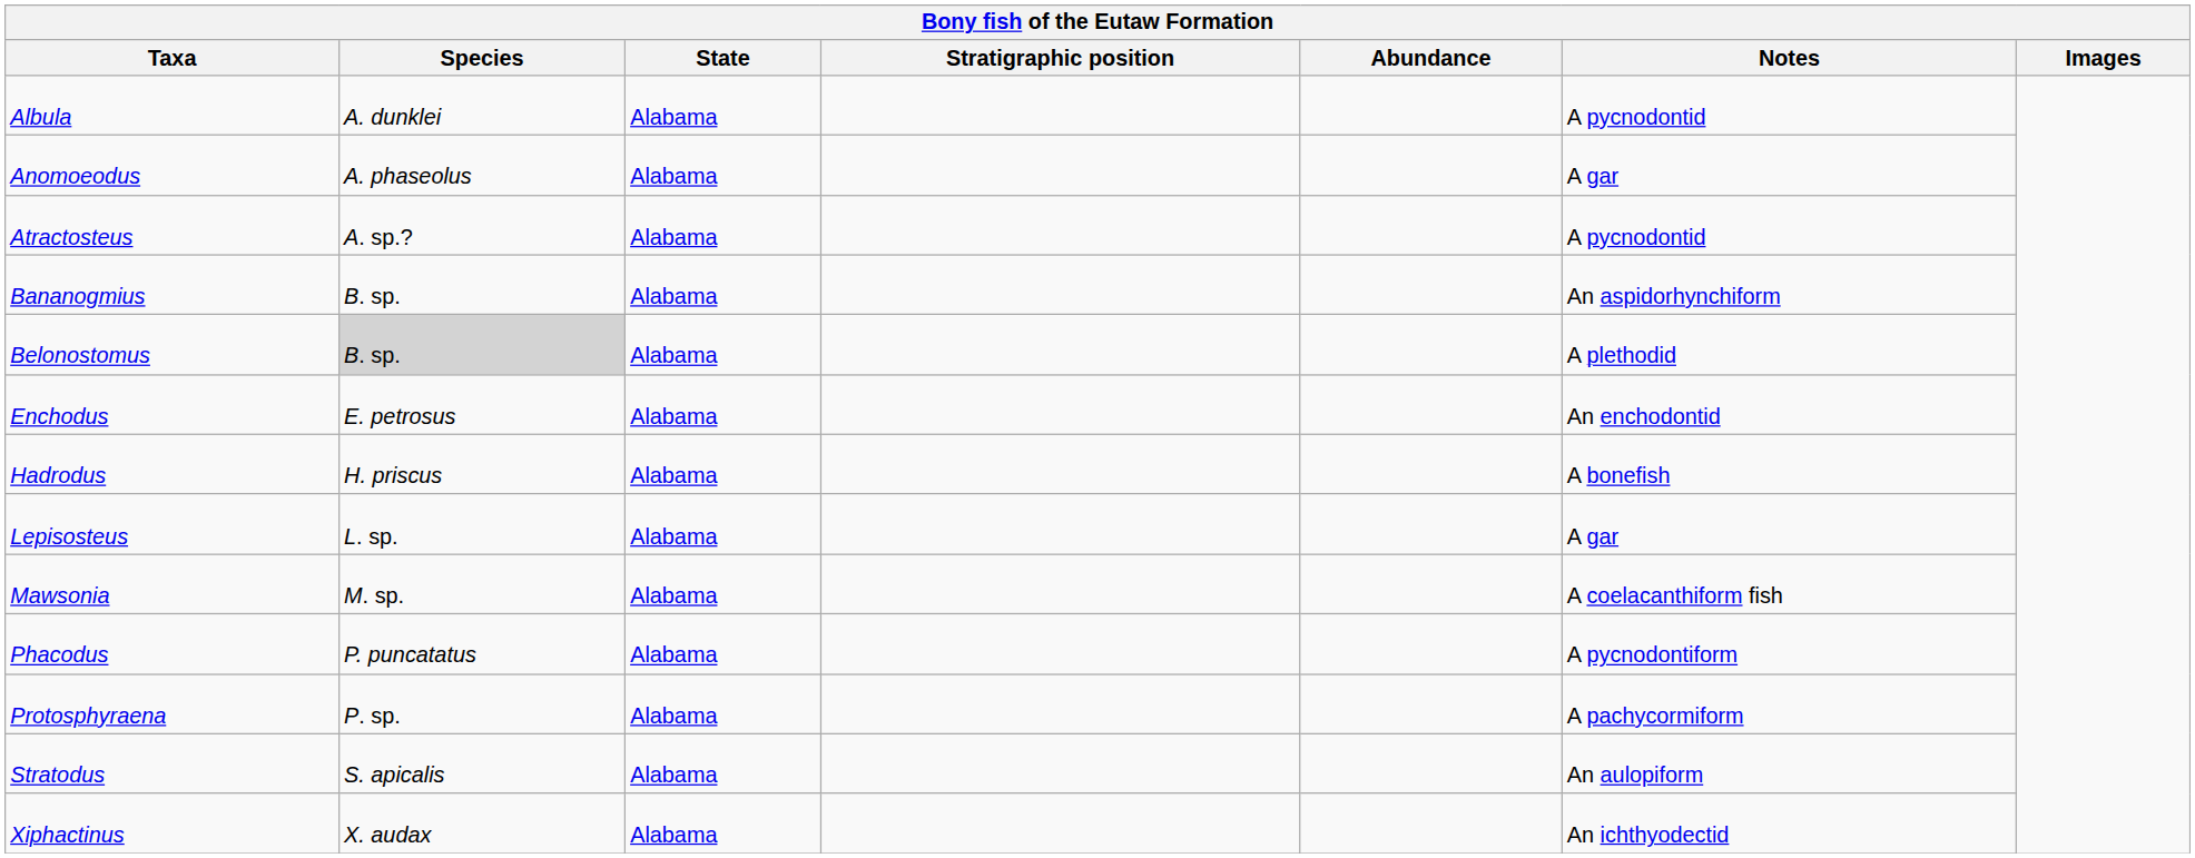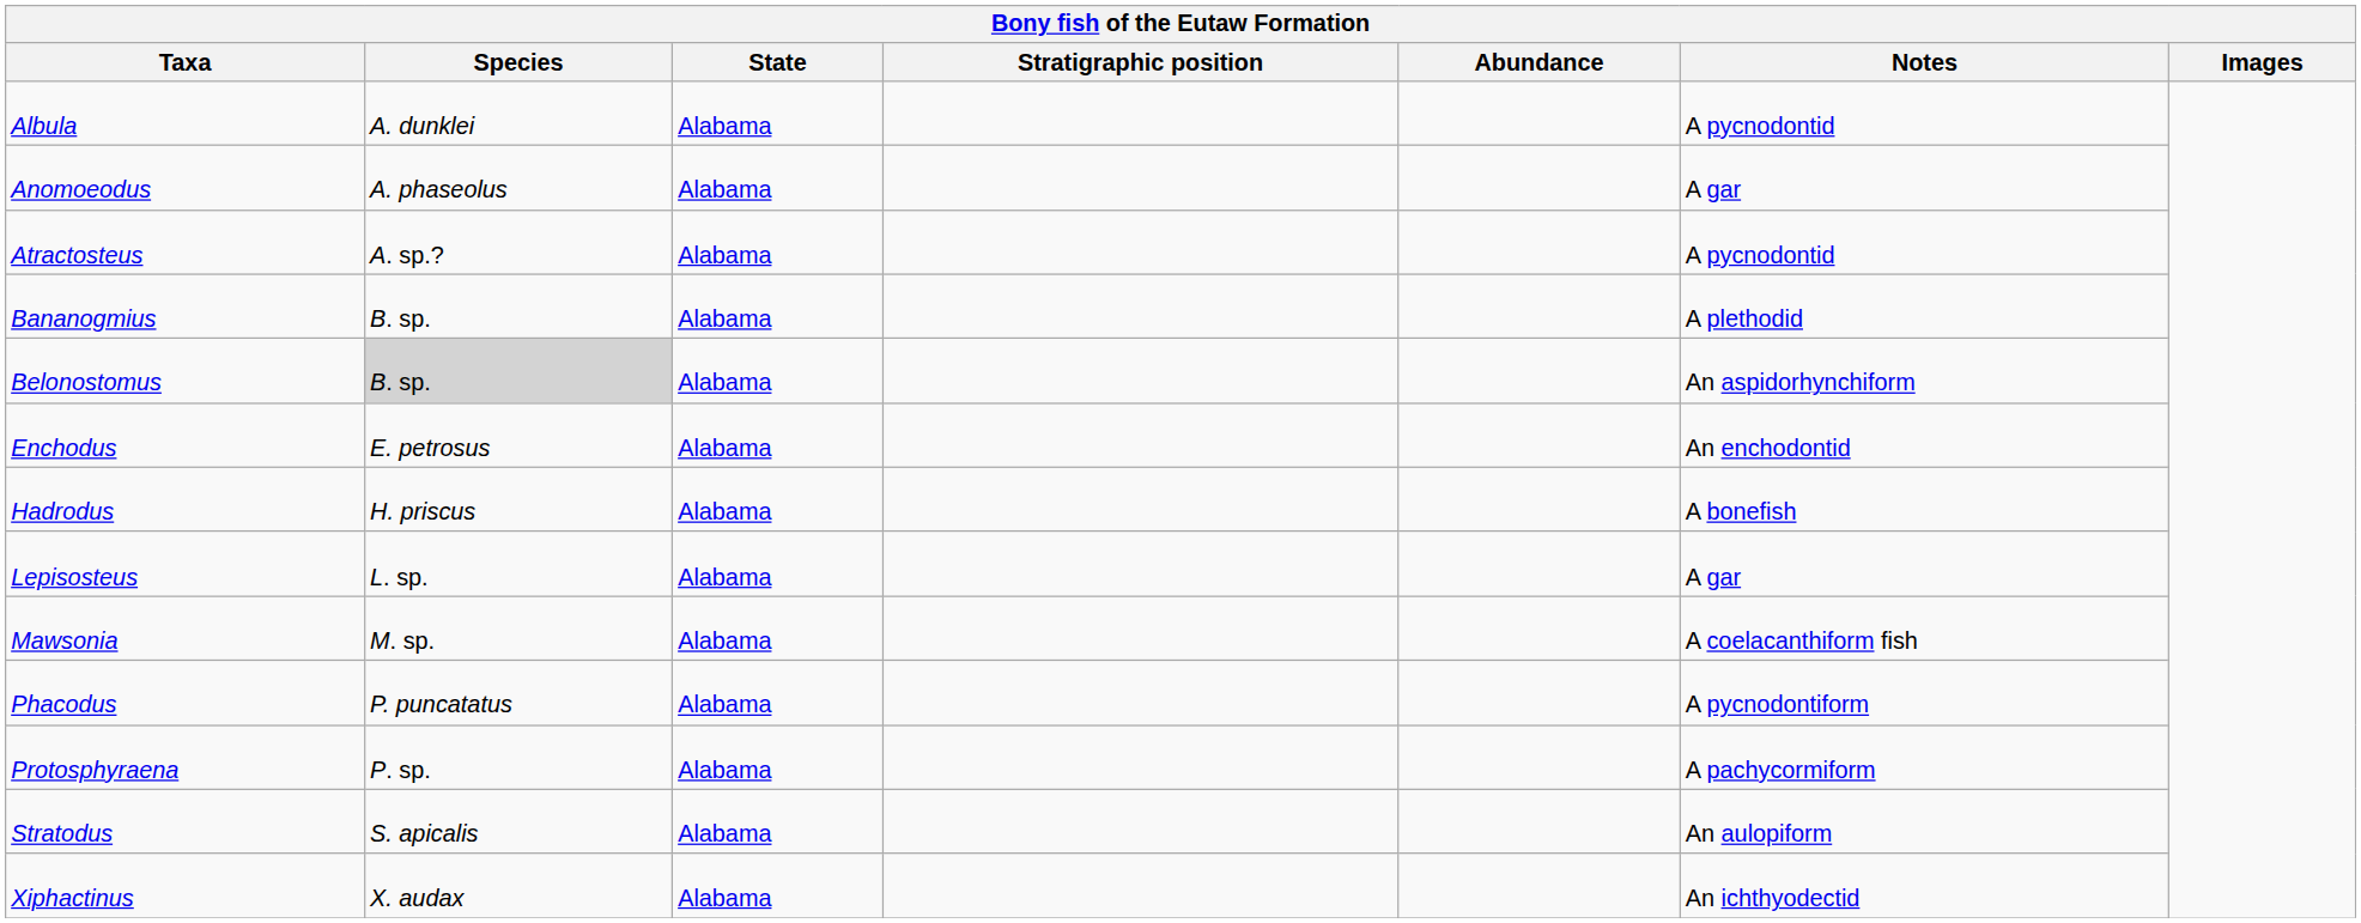 <table class="wikitable" align="center" width="100%">
 <tr>
 <th colspan="7" align="center"><strong><a href='#'>Bony fish</a> of the Eutaw Formation</strong></th>
 </tr>
 <tr>
 <th>Taxa</th>
 <th>Species</th>
 <th>State</th>
 <th>Stratigraphic position</th>
 <th>Abundance</th>
 <th>Notes</th>
 <th>Images</th>
 </tr>
 <tr>
 <td><br><em><a href='#'>Albula</a></em></td>
 <td><br><em>A. dunklei</em></td>
 <td><br><a href='#'>Alabama</a></td>
 <td></td>
 <td></td>
 <td><br>A <a href='#'>pycnodontid</a></td>
 <td rowspan="99"><br>   </td>
 </tr>
 <tr>
 <td><br><em><a href='#'>Anomoeodus</a></em></td>
 <td><br><em>A. phaseolus</em></td>
 <td><br><a href='#'>Alabama</a></td>
 <td></td>
 <td></td>
 <td><br>A <a href='#'>gar</a></td>
 </tr>
 <tr>
 <td><br><em><a href='#'>Atractosteus</a></em></td>
 <td><br><em>A</em>. sp.?</td>
 <td><br><a href='#'>Alabama</a></td>
 <td></td>
 <td></td>
 <td><br>A <a href='#'>pycnodontid</a></td>
 </tr>
 <tr>
 <td><br><em><a href='#'>Bananogmius</a></em></td>
 <td><br><em>B</em>. sp.</td>
 <td><br><a href='#'>Alabama</a></td>
 <td></td>
 <td></td>
-<td><br>An <a href='#'>aspidorhynchiform</a></td>
+<td><br>A <a href='#'>plethodid</a></td>
 </tr>
 <tr>
 <td><br><em><a href='#'>Belonostomus</a></em></td>
 <td style="background: lightgrey;"><br><em>B</em>. sp.</td>
 <td><br><a href='#'>Alabama</a></td>
 <td></td>
 <td></td>
-<td><br>A <a href='#'>plethodid</a></td>
+<td><br>An <a href='#'>aspidorhynchiform</a></td>
 </tr>
 <tr>
 <td><br><em><a href='#'>Enchodus</a></em></td>
 <td><br><em>E. petrosus</em></td>
 <td><br><a href='#'>Alabama</a></td>
 <td></td>
 <td></td>
 <td><br>An <a href='#'>enchodontid</a></td>
 </tr>
 <tr>
 <td><br><em><a href='#'>Hadrodus</a></em></td>
 <td><br><em>H. priscus</em></td>
 <td><br><a href='#'>Alabama</a></td>
 <td></td>
 <td></td>
 <td><br>A <a href='#'>bonefish</a></td>
 </tr>
 <tr>
 <td><br><em><a href='#'>Lepisosteus</a></em></td>
 <td><br><em>L</em>. sp.</td>
 <td><br><a href='#'>Alabama</a></td>
 <td></td>
 <td></td>
 <td><br>A <a href='#'>gar</a></td>
 </tr>
 <tr>
 <td><br><em><a href='#'>Mawsonia</a></em></td>
 <td><br><em>M</em>. sp.</td>
 <td><br><a href='#'>Alabama</a></td>
 <td></td>
 <td></td>
 <td><br>A <a href='#'>coelacanthiform</a> fish</td>
 </tr>
 <tr>
 <td><br><em><a href='#'>Phacodus</a></em></td>
 <td><br><em>P. puncatatus</em></td>
 <td><br><a href='#'>Alabama</a></td>
 <td></td>
 <td></td>
 <td><br>A <a href='#'>pycnodontiform</a></td>
 </tr>
 <tr>
 <td><br><em><a href='#'>Protosphyraena</a></em></td>
 <td><br><em>P</em>. sp.</td>
 <td><br><a href='#'>Alabama</a></td>
 <td></td>
 <td></td>
 <td><br>A <a href='#'>pachycormiform</a></td>
 </tr>
 <tr>
 <td><br><em><a href='#'>Stratodus</a></em></td>
 <td><br><em>S. apicalis</em></td>
 <td><br><a href='#'>Alabama</a></td>
 <td></td>
 <td></td>
 <td><br>An <a href='#'>aulopiform</a></td>
 </tr>
 <tr>
 <td><br><em><a href='#'>Xiphactinus</a></em></td>
 <td><br><em>X. audax</em></td>
 <td><br><a href='#'>Alabama</a></td>
 <td></td>
 <td></td>
 <td><br>An <a href='#'>ichthyodectid</a></td>
 </tr>
 <tr>
 </tr>
 </table>
